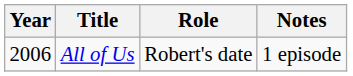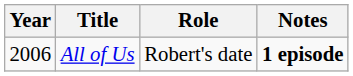 <table class="wikitable sortable">
 <tr>
 <th>Year</th>
 <th>Title</th>
 <th>Role</th>
 <th class="unsortable">Notes</th>
 </tr>
 <tr>
 <td>2006</td>
 <td><em><a href='#'>All of Us</a></em></td>
 <td>Robert's date</td>
-<td>1 episode</td>
+<td><strong>1 episode</strong></td>
 </tr>
 </table>
